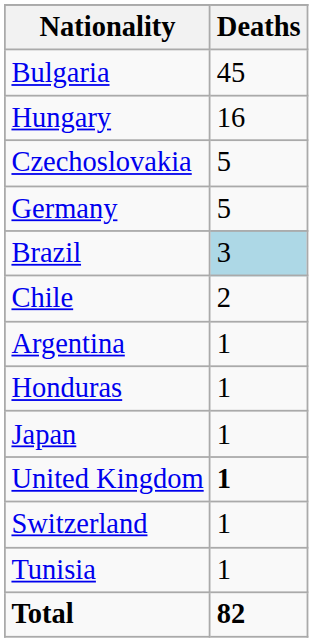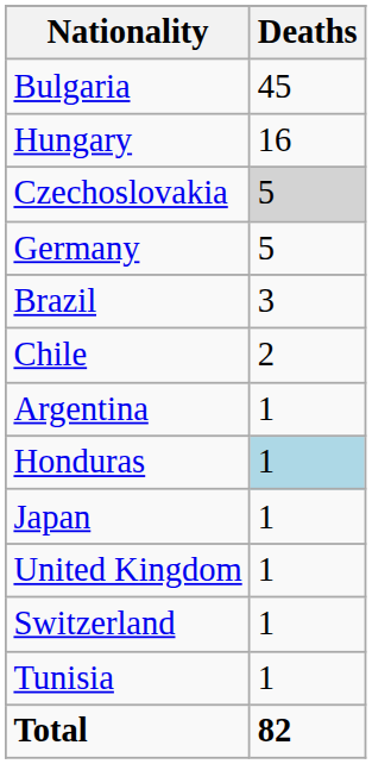 <table class="wikitable sortable floatleft">
 <tr valign="top">
 </tr>
 <tr>
 <th>Nationality</th>
 <th>Deaths</th>
 </tr>
 <tr>
 <td><a href='#'>Bulgaria</a></td>
 <td>45</td>
 </tr>
 <tr>
 <td><a href='#'>Hungary</a></td>
 <td>16</td>
 </tr>
 <tr>
 <td><a href='#'>Czechoslovakia</a></td>
-<td>5</td>
+<td style="background: lightgrey;">5</td>
 </tr>
 <tr>
 <td><a href='#'>Germany</a></td>
 <td>5</td>
 </tr>
 <tr>
 <td><a href='#'>Brazil</a></td>
-<td style="background: lightblue;">3</td>
+<td>3</td>
 </tr>
 <tr>
 <td><a href='#'>Chile</a></td>
 <td>2</td>
 </tr>
 <tr>
 <td><a href='#'>Argentina</a></td>
 <td>1</td>
 </tr>
 <tr>
 <td><a href='#'>Honduras</a></td>
-<td>1</td>
+<td style="background: lightblue;">1</td>
 </tr>
 <tr>
 <td><a href='#'>Japan</a></td>
 <td>1</td>
 </tr>
 <tr>
 <td><a href='#'>United Kingdom</a></td>
-<td><strong>1</strong></td>
+<td>1</td>
 </tr>
 <tr>
 <td><a href='#'>Switzerland</a></td>
 <td>1</td>
 </tr>
 <tr>
 <td><a href='#'>Tunisia</a></td>
 <td>1</td>
 </tr>
 <tr>
 <td><strong>Total</strong></td>
 <td><strong>82</strong></td>
 </tr>
 </table>
